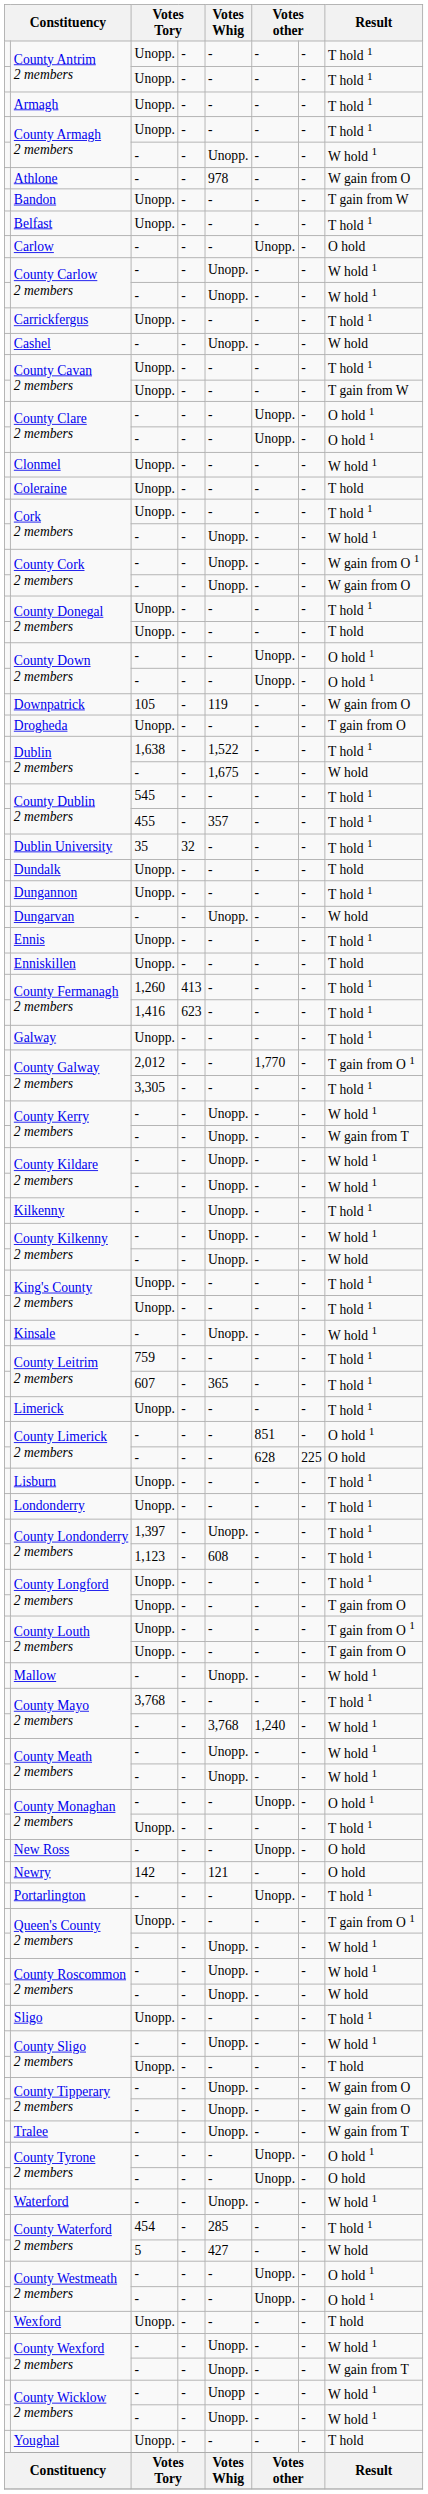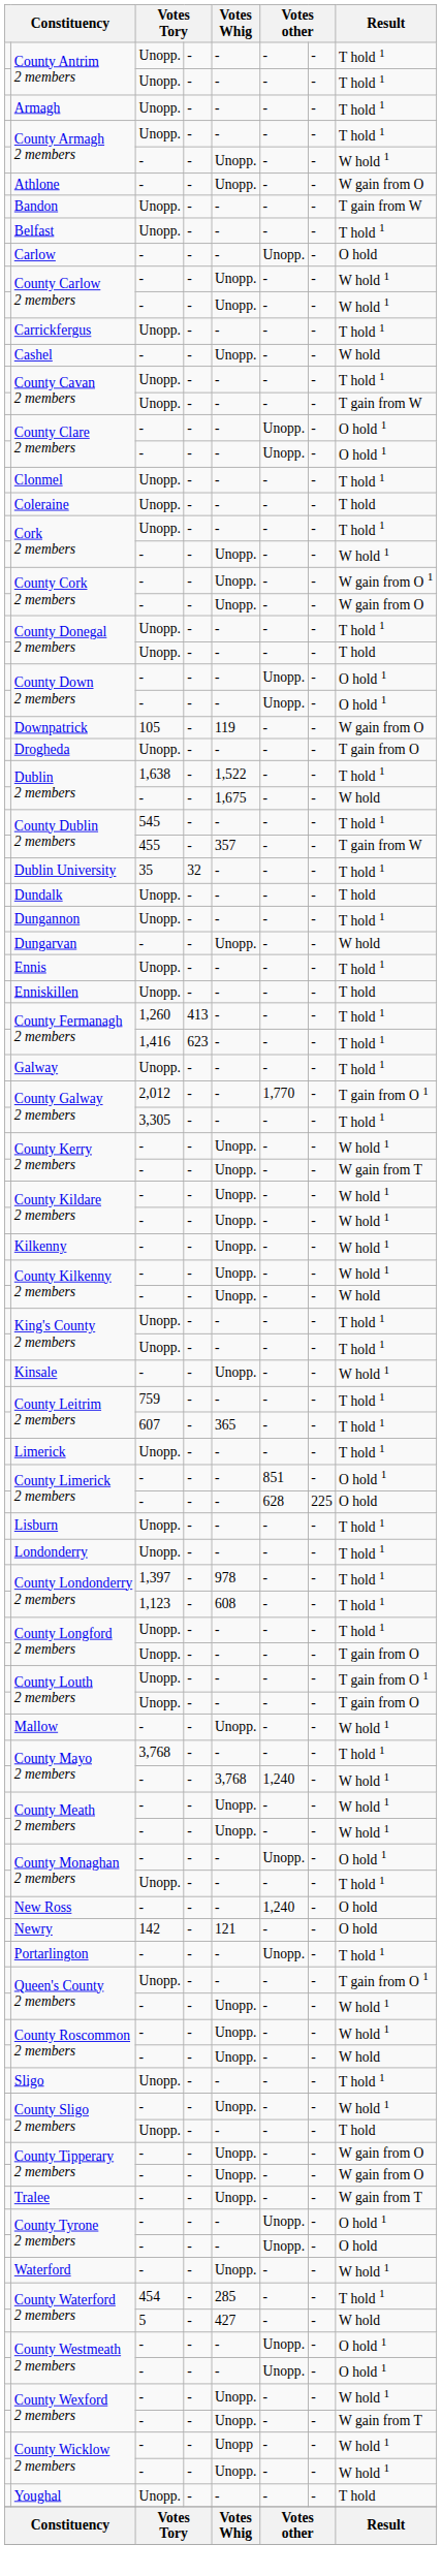 <table class="wikitable">
 <tr>
 <th colspan="2">Constituency</th>
 <th colspan="2">Votes<br>Tory</th>
 <th>Votes<br>Whig</th>
 <th colspan="2">Votes<br>other</th>
 <th>Result</th>
 </tr>
 <tr>
 <td style="background-color: "></td>
 <td rowspan="2"><a href='#'>County Antrim</a><br><em>2 members</em></td>
 <td>Unopp.</td>
 <td>-</td>
 <td>-</td>
 <td>-</td>
 <td>-</td>
 <td>T hold <sup>1</sup></td>
 </tr>
 <tr>
 <td style="background-color: "></td>
 <td>Unopp.</td>
 <td>-</td>
 <td>-</td>
 <td>-</td>
 <td>-</td>
 <td>T hold <sup>1</sup></td>
 </tr>
 <tr>
 <td style="background-color: "></td>
 <td><a href='#'>Armagh</a></td>
 <td>Unopp.</td>
 <td>-</td>
 <td>-</td>
 <td>-</td>
 <td>-</td>
 <td>T hold <sup>1</sup></td>
 </tr>
 <tr>
 <td style="background-color: "></td>
 <td rowspan="2"><a href='#'>County Armagh</a><br><em>2 members</em></td>
 <td>Unopp.</td>
 <td>-</td>
 <td>-</td>
 <td>-</td>
 <td>-</td>
 <td>T hold <sup>1</sup></td>
 </tr>
 <tr>
 <td style="background-color: "></td>
 <td>-</td>
 <td>-</td>
 <td>Unopp.</td>
 <td>-</td>
 <td>-</td>
 <td>W hold <sup>1</sup></td>
 </tr>
 <tr>
 <td style="background-color: "></td>
 <td><a href='#'>Athlone</a></td>
 <td>-</td>
 <td>-</td>
-<td>978</td>
+<td>Unopp.</td>
 <td>-</td>
 <td>-</td>
 <td>W gain from O</td>
 </tr>
 <tr>
 <td style="background-color: "></td>
 <td><a href='#'>Bandon</a></td>
 <td>Unopp.</td>
 <td>-</td>
 <td>-</td>
 <td>-</td>
 <td>-</td>
 <td>T gain from W</td>
 </tr>
 <tr>
 <td style="background-color: "></td>
 <td><a href='#'>Belfast</a></td>
 <td>Unopp.</td>
 <td>-</td>
 <td>-</td>
 <td>-</td>
 <td>-</td>
 <td>T hold <sup>1</sup></td>
 </tr>
 <tr>
 <td style="background-color: "></td>
 <td><a href='#'>Carlow</a></td>
 <td>-</td>
 <td>-</td>
 <td>-</td>
 <td>Unopp.</td>
 <td>-</td>
 <td>O hold</td>
 </tr>
 <tr>
 <td style="background-color: "></td>
 <td rowspan="2"><a href='#'>County Carlow</a><br><em>2 members</em></td>
 <td>-</td>
 <td>-</td>
 <td>Unopp.</td>
 <td>-</td>
 <td>-</td>
 <td>W hold <sup>1</sup></td>
 </tr>
 <tr>
 <td style="background-color: "></td>
 <td>-</td>
 <td>-</td>
 <td>Unopp.</td>
 <td>-</td>
 <td>-</td>
 <td>W hold <sup>1</sup></td>
 </tr>
 <tr>
 <td style="background-color: "></td>
 <td><a href='#'>Carrickfergus</a></td>
 <td>Unopp.</td>
 <td>-</td>
 <td>-</td>
 <td>-</td>
 <td>-</td>
 <td>T hold <sup>1</sup></td>
 </tr>
 <tr>
 <td style="background-color: "></td>
 <td><a href='#'>Cashel</a></td>
 <td>-</td>
 <td>-</td>
 <td>Unopp.</td>
 <td>-</td>
 <td>-</td>
 <td>W hold</td>
 </tr>
 <tr>
 <td style="background-color: "></td>
 <td rowspan="2"><a href='#'>County Cavan</a><br><em>2 members</em></td>
 <td>Unopp.</td>
 <td>-</td>
 <td>-</td>
 <td>-</td>
 <td>-</td>
 <td>T hold <sup>1</sup></td>
 </tr>
 <tr>
 <td style="background-color: "></td>
 <td>Unopp.</td>
 <td>-</td>
 <td>-</td>
 <td>-</td>
 <td>-</td>
 <td>T gain from W</td>
 </tr>
 <tr>
 <td style="background-color: "></td>
 <td rowspan="2"><a href='#'>County Clare</a><br><em>2 members</em></td>
 <td>-</td>
 <td>-</td>
 <td>-</td>
 <td>Unopp.</td>
 <td>-</td>
 <td>O hold <sup>1</sup></td>
 </tr>
 <tr>
 <td style="background-color: "></td>
 <td>-</td>
 <td>-</td>
 <td>-</td>
 <td>Unopp.</td>
 <td>-</td>
 <td>O hold <sup>1</sup></td>
 </tr>
 <tr>
 <td style="background-color: "></td>
 <td><a href='#'>Clonmel</a></td>
 <td>Unopp.</td>
 <td>-</td>
 <td>-</td>
 <td>-</td>
 <td>-</td>
-<td>W hold <sup>1</sup></td>
+<td>T hold <sup>1</sup></td>
 </tr>
 <tr>
 <td style="background-color: "></td>
 <td><a href='#'>Coleraine</a></td>
 <td>Unopp.</td>
 <td>-</td>
 <td>-</td>
 <td>-</td>
 <td>-</td>
 <td>T hold</td>
 </tr>
 <tr>
 <td style="background-color: "></td>
 <td rowspan="2"><a href='#'>Cork</a><br><em>2 members</em></td>
 <td>Unopp.</td>
 <td>-</td>
 <td>-</td>
 <td>-</td>
 <td>-</td>
 <td>T hold <sup>1</sup></td>
 </tr>
 <tr>
 <td style="background-color: "></td>
 <td>-</td>
 <td>-</td>
 <td>Unopp.</td>
 <td>-</td>
 <td>-</td>
 <td>W hold <sup>1</sup></td>
 </tr>
 <tr>
 <td style="background-color: "></td>
 <td rowspan="2"><a href='#'>County Cork</a><br><em>2 members</em></td>
 <td>-</td>
 <td>-</td>
 <td>Unopp.</td>
 <td>-</td>
 <td>-</td>
 <td>W gain from O <sup>1</sup></td>
 </tr>
 <tr>
 <td style="background-color: "></td>
 <td>-</td>
 <td>-</td>
 <td>Unopp.</td>
 <td>-</td>
 <td>-</td>
 <td>W gain from O</td>
 </tr>
 <tr>
 <td style="background-color: "></td>
 <td rowspan="2"><a href='#'>County Donegal</a><br><em>2 members</em></td>
 <td>Unopp.</td>
 <td>-</td>
 <td>-</td>
 <td>-</td>
 <td>-</td>
 <td>T hold <sup>1</sup></td>
 </tr>
 <tr>
 <td style="background-color: "></td>
 <td>Unopp.</td>
 <td>-</td>
 <td>-</td>
 <td>-</td>
 <td>-</td>
 <td>T hold</td>
 </tr>
 <tr>
 <td style="background-color: "></td>
 <td rowspan="2"><a href='#'>County Down</a><br><em>2 members</em></td>
 <td>-</td>
 <td>-</td>
 <td>-</td>
 <td>Unopp.</td>
 <td>-</td>
 <td>O hold <sup>1</sup></td>
 </tr>
 <tr>
 <td style="background-color: "></td>
 <td>-</td>
 <td>-</td>
 <td>-</td>
 <td>Unopp.</td>
 <td>-</td>
 <td>O hold <sup>1</sup></td>
 </tr>
 <tr>
 <td style="background-color: "></td>
 <td><a href='#'>Downpatrick</a></td>
 <td>105</td>
 <td>-</td>
 <td>119</td>
 <td>-</td>
 <td>-</td>
 <td>W gain from O</td>
 </tr>
 <tr>
 <td style="background-color: "></td>
 <td><a href='#'>Drogheda</a></td>
 <td>Unopp.</td>
 <td>-</td>
 <td>-</td>
 <td>-</td>
 <td>-</td>
 <td>T gain from O</td>
 </tr>
 <tr>
 <td style="background-color: "></td>
 <td rowspan="2"><a href='#'>Dublin</a><br><em>2 members</em></td>
 <td>1,638</td>
 <td>-</td>
 <td>1,522</td>
 <td>-</td>
 <td>-</td>
 <td>T hold <sup>1</sup></td>
 </tr>
 <tr>
 <td style="background-color: "></td>
 <td>-</td>
 <td>-</td>
 <td>1,675</td>
 <td>-</td>
 <td>-</td>
 <td>W hold</td>
 </tr>
 <tr>
 <td style="background-color: "></td>
 <td rowspan="2"><a href='#'>County Dublin</a><br><em>2 members</em></td>
 <td>545</td>
 <td>-</td>
 <td>-</td>
 <td>-</td>
 <td>-</td>
 <td>T hold <sup>1</sup></td>
 </tr>
 <tr>
 <td style="background-color: "></td>
 <td>455</td>
 <td>-</td>
 <td>357</td>
 <td>-</td>
 <td>-</td>
-<td>T hold <sup>1</sup></td>
+<td>T gain from W</td>
 </tr>
 <tr>
 <td style="background-color: "></td>
 <td><a href='#'>Dublin University</a></td>
 <td>35</td>
 <td>32</td>
 <td>-</td>
 <td>-</td>
 <td>-</td>
 <td>T hold <sup>1</sup></td>
 </tr>
 <tr>
 <td style="background-color: "></td>
 <td><a href='#'>Dundalk</a></td>
 <td>Unopp.</td>
 <td>-</td>
 <td>-</td>
 <td>-</td>
 <td>-</td>
 <td>T hold</td>
 </tr>
 <tr>
 <td style="background-color: "></td>
 <td><a href='#'>Dungannon</a></td>
 <td>Unopp.</td>
 <td>-</td>
 <td>-</td>
 <td>-</td>
 <td>-</td>
 <td>T hold <sup>1</sup></td>
 </tr>
 <tr>
 <td style="background-color: "></td>
 <td><a href='#'>Dungarvan</a></td>
 <td>-</td>
 <td>-</td>
 <td>Unopp.</td>
 <td>-</td>
 <td>-</td>
 <td>W hold</td>
 </tr>
 <tr>
 <td style="background-color: "></td>
 <td><a href='#'>Ennis</a></td>
 <td>Unopp.</td>
 <td>-</td>
 <td>-</td>
 <td>-</td>
 <td>-</td>
 <td>T hold <sup>1</sup></td>
 </tr>
 <tr>
 <td style="background-color: "></td>
 <td><a href='#'>Enniskillen</a></td>
 <td>Unopp.</td>
 <td>-</td>
 <td>-</td>
 <td>-</td>
 <td>-</td>
 <td>T hold</td>
 </tr>
 <tr>
 <td style="background-color: "></td>
 <td rowspan="2"><a href='#'>County Fermanagh</a><br><em>2 members</em></td>
 <td>1,260</td>
 <td>413</td>
 <td>-</td>
 <td>-</td>
 <td>-</td>
 <td>T hold <sup>1</sup></td>
 </tr>
 <tr>
 <td style="background-color: "></td>
 <td>1,416</td>
 <td>623</td>
 <td>-</td>
 <td>-</td>
 <td>-</td>
 <td>T hold <sup>1</sup></td>
 </tr>
 <tr>
 <td style="background-color: "></td>
 <td><a href='#'>Galway</a></td>
 <td>Unopp.</td>
 <td>-</td>
 <td>-</td>
 <td>-</td>
 <td>-</td>
 <td>T hold <sup>1</sup></td>
 </tr>
 <tr>
 <td style="background-color: "></td>
 <td rowspan="2"><a href='#'>County Galway</a><br><em>2 members</em></td>
 <td>2,012</td>
 <td>-</td>
 <td>-</td>
 <td>1,770</td>
 <td>-</td>
 <td>T gain from O <sup>1</sup></td>
 </tr>
 <tr>
 <td style="background-color: "></td>
 <td>3,305</td>
 <td>-</td>
 <td>-</td>
 <td>-</td>
 <td>-</td>
 <td>T hold <sup>1</sup></td>
 </tr>
 <tr>
 <td style="background-color: "></td>
 <td rowspan="2"><a href='#'>County Kerry</a><br><em>2 members</em></td>
 <td>-</td>
 <td>-</td>
 <td>Unopp.</td>
 <td>-</td>
 <td>-</td>
 <td>W hold <sup>1</sup></td>
 </tr>
 <tr>
 <td style="background-color: "></td>
 <td>-</td>
 <td>-</td>
 <td>Unopp.</td>
 <td>-</td>
 <td>-</td>
 <td>W gain from T</td>
 </tr>
 <tr>
 <td style="background-color: "></td>
 <td rowspan="2"><a href='#'>County Kildare</a><br><em>2 members</em></td>
 <td>-</td>
 <td>-</td>
 <td>Unopp.</td>
 <td>-</td>
 <td>-</td>
 <td>W hold <sup>1</sup></td>
 </tr>
 <tr>
 <td style="background-color: "></td>
 <td>-</td>
 <td>-</td>
 <td>Unopp.</td>
 <td>-</td>
 <td>-</td>
 <td>W hold <sup>1</sup></td>
 </tr>
 <tr>
 <td style="background-color: "></td>
 <td><a href='#'>Kilkenny</a></td>
 <td>-</td>
 <td>-</td>
 <td>Unopp.</td>
 <td>-</td>
 <td>-</td>
-<td>T hold <sup>1</sup></td>
+<td>W hold <sup>1</sup></td>
 </tr>
 <tr>
 <td style="background-color: "></td>
 <td rowspan="2"><a href='#'>County Kilkenny</a><br><em>2 members</em></td>
 <td>-</td>
 <td>-</td>
 <td>Unopp.</td>
 <td>-</td>
 <td>-</td>
 <td>W hold <sup>1</sup></td>
 </tr>
 <tr>
 <td style="background-color: "></td>
 <td>-</td>
 <td>-</td>
 <td>Unopp.</td>
 <td>-</td>
 <td>-</td>
 <td>W hold</td>
 </tr>
 <tr>
 <td style="background-color: "></td>
 <td rowspan="2"><a href='#'>King's County</a><br><em>2 members</em></td>
 <td>Unopp.</td>
 <td>-</td>
 <td>-</td>
 <td>-</td>
 <td>-</td>
 <td>T hold <sup>1</sup></td>
 </tr>
 <tr>
 <td style="background-color: "></td>
 <td>Unopp.</td>
 <td>-</td>
 <td>-</td>
 <td>-</td>
 <td>-</td>
 <td>T hold <sup>1</sup></td>
 </tr>
 <tr>
 <td style="background-color: "></td>
 <td><a href='#'>Kinsale</a></td>
 <td>-</td>
 <td>-</td>
 <td>Unopp.</td>
 <td>-</td>
 <td>-</td>
 <td>W hold <sup>1</sup></td>
 </tr>
 <tr>
 <td style="background-color: "></td>
 <td rowspan="2"><a href='#'>County Leitrim</a><br><em>2 members</em></td>
 <td>759</td>
 <td>-</td>
 <td>-</td>
 <td>-</td>
 <td>-</td>
 <td>T hold <sup>1</sup></td>
 </tr>
 <tr>
 <td style="background-color: "></td>
 <td>607</td>
 <td>-</td>
 <td>365</td>
 <td>-</td>
 <td>-</td>
 <td>T hold <sup>1</sup></td>
 </tr>
 <tr>
 <td style="background-color: "></td>
 <td><a href='#'>Limerick</a></td>
 <td>Unopp.</td>
 <td>-</td>
 <td>-</td>
 <td>-</td>
 <td>-</td>
 <td>T hold <sup>1</sup></td>
 </tr>
 <tr>
 <td style="background-color: "></td>
 <td rowspan="2"><a href='#'>County Limerick</a><br><em>2 members</em></td>
 <td>-</td>
 <td>-</td>
 <td>-</td>
 <td>851</td>
 <td>-</td>
 <td>O hold <sup>1</sup></td>
 </tr>
 <tr>
 <td style="background-color: "></td>
 <td>-</td>
 <td>-</td>
 <td>-</td>
 <td>628</td>
 <td>225</td>
 <td>O hold</td>
 </tr>
 <tr>
 <td style="background-color: "></td>
 <td><a href='#'>Lisburn</a></td>
 <td>Unopp.</td>
 <td>-</td>
 <td>-</td>
 <td>-</td>
 <td>-</td>
 <td>T hold <sup>1</sup></td>
 </tr>
 <tr>
 <td style="background-color: "></td>
 <td><a href='#'>Londonderry</a></td>
 <td>Unopp.</td>
 <td>-</td>
 <td>-</td>
 <td>-</td>
 <td>-</td>
 <td>T hold <sup>1</sup></td>
 </tr>
 <tr>
 <td style="background-color: "></td>
 <td rowspan="2"><a href='#'>County Londonderry</a><br><em>2 members</em></td>
 <td>1,397</td>
 <td>-</td>
-<td>Unopp.</td>
+<td>978</td>
 <td>-</td>
 <td>-</td>
 <td>T hold <sup>1</sup></td>
 </tr>
 <tr>
 <td style="background-color: "></td>
 <td>1,123</td>
 <td>-</td>
 <td>608</td>
 <td>-</td>
 <td>-</td>
 <td>T hold <sup>1</sup></td>
 </tr>
 <tr>
 <td style="background-color: "></td>
 <td rowspan="2"><a href='#'>County Longford</a><br><em>2 members</em></td>
 <td>Unopp.</td>
 <td>-</td>
 <td>-</td>
 <td>-</td>
 <td>-</td>
 <td>T hold <sup>1</sup></td>
 </tr>
 <tr>
 <td style="background-color: "></td>
 <td>Unopp.</td>
 <td>-</td>
 <td>-</td>
 <td>-</td>
 <td>-</td>
 <td>T gain from O</td>
 </tr>
 <tr>
 <td style="background-color: "></td>
 <td rowspan="2"><a href='#'>County Louth</a><br><em>2 members</em></td>
 <td>Unopp.</td>
 <td>-</td>
 <td>-</td>
 <td>-</td>
 <td>-</td>
 <td>T gain from O <sup>1</sup></td>
 </tr>
 <tr>
 <td style="background-color: "></td>
 <td>Unopp.</td>
 <td>-</td>
 <td>-</td>
 <td>-</td>
 <td>-</td>
 <td>T gain from O</td>
 </tr>
 <tr>
 <td style="background-color: "></td>
 <td><a href='#'>Mallow</a></td>
 <td>-</td>
 <td>-</td>
 <td>Unopp.</td>
 <td>-</td>
 <td>-</td>
 <td>W hold <sup>1</sup></td>
 </tr>
 <tr>
 <td style="background-color: "></td>
 <td rowspan="2"><a href='#'>County Mayo</a><br><em>2 members</em></td>
 <td>3,768</td>
 <td>-</td>
 <td>-</td>
 <td>-</td>
 <td>-</td>
 <td>T hold <sup>1</sup></td>
 </tr>
 <tr>
 <td style="background-color: "></td>
 <td>-</td>
 <td>-</td>
 <td>3,768</td>
 <td>1,240</td>
 <td>-</td>
 <td>W hold <sup>1</sup></td>
 </tr>
 <tr>
 <td style="background-color: "></td>
 <td rowspan="2"><a href='#'>County Meath</a><br><em>2 members</em></td>
 <td>-</td>
 <td>-</td>
 <td>Unopp.</td>
 <td>-</td>
 <td>-</td>
 <td>W hold <sup>1</sup></td>
 </tr>
 <tr>
 <td style="background-color: "></td>
 <td>-</td>
 <td>-</td>
 <td>Unopp.</td>
 <td>-</td>
 <td>-</td>
 <td>W hold <sup>1</sup></td>
 </tr>
 <tr>
 <td style="background-color: "></td>
 <td rowspan="2"><a href='#'>County Monaghan</a><br><em>2 members</em></td>
 <td>-</td>
 <td>-</td>
 <td>-</td>
 <td>Unopp.</td>
 <td>-</td>
 <td>O hold <sup>1</sup></td>
 </tr>
 <tr>
 <td style="background-color: "></td>
 <td>Unopp.</td>
 <td>-</td>
 <td>-</td>
 <td>-</td>
 <td>-</td>
 <td>T hold <sup>1</sup></td>
 </tr>
 <tr>
 <td style="background-color: "></td>
 <td><a href='#'>New Ross</a></td>
 <td>-</td>
 <td>-</td>
 <td>-</td>
-<td>Unopp.</td>
+<td>1,240</td>
 <td>-</td>
 <td>O hold</td>
 </tr>
 <tr>
 <td style="background-color: "></td>
 <td><a href='#'>Newry</a></td>
 <td>142</td>
 <td>-</td>
 <td>121</td>
 <td>-</td>
 <td>-</td>
 <td>O hold</td>
 </tr>
 <tr>
 <td style="background-color: "></td>
 <td><a href='#'>Portarlington</a></td>
 <td>-</td>
 <td>-</td>
 <td>-</td>
 <td>Unopp.</td>
 <td>-</td>
 <td>T hold <sup>1</sup></td>
 </tr>
 <tr>
 <td style="background-color: "></td>
 <td rowspan="2"><a href='#'>Queen's County</a><br><em>2 members</em></td>
 <td>Unopp.</td>
 <td>-</td>
 <td>-</td>
 <td>-</td>
 <td>-</td>
 <td>T gain from O <sup>1</sup></td>
 </tr>
 <tr>
 <td style="background-color: "></td>
 <td>-</td>
 <td>-</td>
 <td>Unopp.</td>
 <td>-</td>
 <td>-</td>
 <td>W hold <sup>1</sup></td>
 </tr>
 <tr>
 <td style="background-color: "></td>
 <td rowspan="2"><a href='#'>County Roscommon</a><br><em>2 members</em></td>
 <td>-</td>
 <td>-</td>
 <td>Unopp.</td>
 <td>-</td>
 <td>-</td>
 <td>W hold <sup>1</sup></td>
 </tr>
 <tr>
 <td style="background-color: "></td>
 <td>-</td>
 <td>-</td>
 <td>Unopp.</td>
 <td>-</td>
 <td>-</td>
 <td>W hold</td>
 </tr>
 <tr>
 <td style="background-color: "></td>
 <td><a href='#'>Sligo</a></td>
 <td>Unopp.</td>
 <td>-</td>
 <td>-</td>
 <td>-</td>
 <td>-</td>
 <td>T hold <sup>1</sup></td>
 </tr>
 <tr>
 <td style="background-color: "></td>
 <td rowspan="2"><a href='#'>County Sligo</a><br><em>2 members</em></td>
 <td>-</td>
 <td>-</td>
 <td>Unopp.</td>
 <td>-</td>
 <td>-</td>
 <td>W hold <sup>1</sup></td>
 </tr>
 <tr>
 <td style="background-color: "></td>
 <td>Unopp.</td>
 <td>-</td>
 <td>-</td>
 <td>-</td>
 <td>-</td>
 <td>T hold</td>
 </tr>
 <tr>
 <td style="background-color: "></td>
 <td rowspan="2"><a href='#'>County Tipperary</a><br><em>2 members</em></td>
 <td>-</td>
 <td>-</td>
 <td>Unopp.</td>
 <td>-</td>
 <td>-</td>
 <td>W gain from O</td>
 </tr>
 <tr>
 <td style="background-color: "></td>
 <td>-</td>
 <td>-</td>
 <td>Unopp.</td>
 <td>-</td>
 <td>-</td>
 <td>W gain from O</td>
 </tr>
 <tr>
 <td style="background-color: "></td>
 <td><a href='#'>Tralee</a></td>
 <td>-</td>
 <td>-</td>
 <td>Unopp.</td>
 <td>-</td>
 <td>-</td>
 <td>W gain from T</td>
 </tr>
 <tr>
 <td style="background-color: "></td>
 <td rowspan="2"><a href='#'>County Tyrone</a><br><em>2 members</em></td>
 <td>-</td>
 <td>-</td>
 <td>-</td>
 <td>Unopp.</td>
 <td>-</td>
 <td>O hold <sup>1</sup></td>
 </tr>
 <tr>
 <td style="background-color: "></td>
 <td>-</td>
 <td>-</td>
 <td>-</td>
 <td>Unopp.</td>
 <td>-</td>
 <td>O hold</td>
 </tr>
 <tr>
 <td style="background-color: "></td>
 <td><a href='#'>Waterford</a></td>
 <td>-</td>
 <td>-</td>
 <td>Unopp.</td>
 <td>-</td>
 <td>-</td>
 <td>W hold <sup>1</sup></td>
 </tr>
 <tr>
 <td style="background-color: "></td>
 <td rowspan="2"><a href='#'>County Waterford</a><br><em>2 members</em></td>
 <td>454</td>
 <td>-</td>
 <td>285</td>
 <td>-</td>
 <td>-</td>
 <td>T hold <sup>1</sup></td>
 </tr>
 <tr>
 <td style="background-color: "></td>
 <td>5</td>
 <td>-</td>
 <td>427</td>
 <td>-</td>
 <td>-</td>
 <td>W hold</td>
 </tr>
 <tr>
 <td style="background-color: "></td>
 <td rowspan="2"><a href='#'>County Westmeath</a><br><em>2 members</em></td>
 <td>-</td>
 <td>-</td>
 <td>-</td>
 <td>Unopp.</td>
 <td>-</td>
 <td>O hold <sup>1</sup></td>
 </tr>
 <tr>
 <td style="background-color: "></td>
 <td>-</td>
 <td>-</td>
 <td>-</td>
 <td>Unopp.</td>
 <td>-</td>
 <td>O hold <sup>1</sup></td>
 </tr>
 <tr>
 <td style="background-color: "></td>
-<td><a href='#'>Wexford</a></td>
-<td>Unopp.</td>
-<td>-</td>
-<td>-</td>
-<td>-</td>
-<td>-</td>
-<td>T hold</td>
-</tr>
-<tr>
-<td style="background-color: "></td>
 <td rowspan="2"><a href='#'>County Wexford</a><br><em>2 members</em></td>
 <td>-</td>
 <td>-</td>
 <td>Unopp.</td>
 <td>-</td>
 <td>-</td>
 <td>W hold <sup>1</sup></td>
 </tr>
 <tr>
 <td style="background-color: "></td>
 <td>-</td>
 <td>-</td>
 <td>Unopp.</td>
 <td>-</td>
 <td>-</td>
 <td>W gain from T</td>
 </tr>
 <tr>
 <td style="background-color: "></td>
 <td rowspan="2"><a href='#'>County Wicklow</a><br><em>2 members</em></td>
 <td>-</td>
 <td>-</td>
 <td>Unopp</td>
 <td>-</td>
 <td>-</td>
 <td>W hold <sup>1</sup></td>
 </tr>
 <tr>
 <td style="background-color: "></td>
 <td>-</td>
 <td>-</td>
 <td>Unopp.</td>
 <td>-</td>
 <td>-</td>
 <td>W hold <sup>1</sup></td>
 </tr>
 <tr>
 <td style="background-color: "></td>
 <td><a href='#'>Youghal</a></td>
 <td>Unopp.</td>
 <td>-</td>
 <td>-</td>
 <td>-</td>
 <td>-</td>
 <td>T hold</td>
 </tr>
 <tr>
 </tr>
 <tr>
 <th colspan="2">Constituency</th>
 <th colspan="2">Votes<br>Tory</th>
 <th>Votes<br>Whig</th>
 <th colspan="2">Votes<br>other</th>
 <th>Result</th>
 </tr>
 <tr>
 </tr>
 </table>
